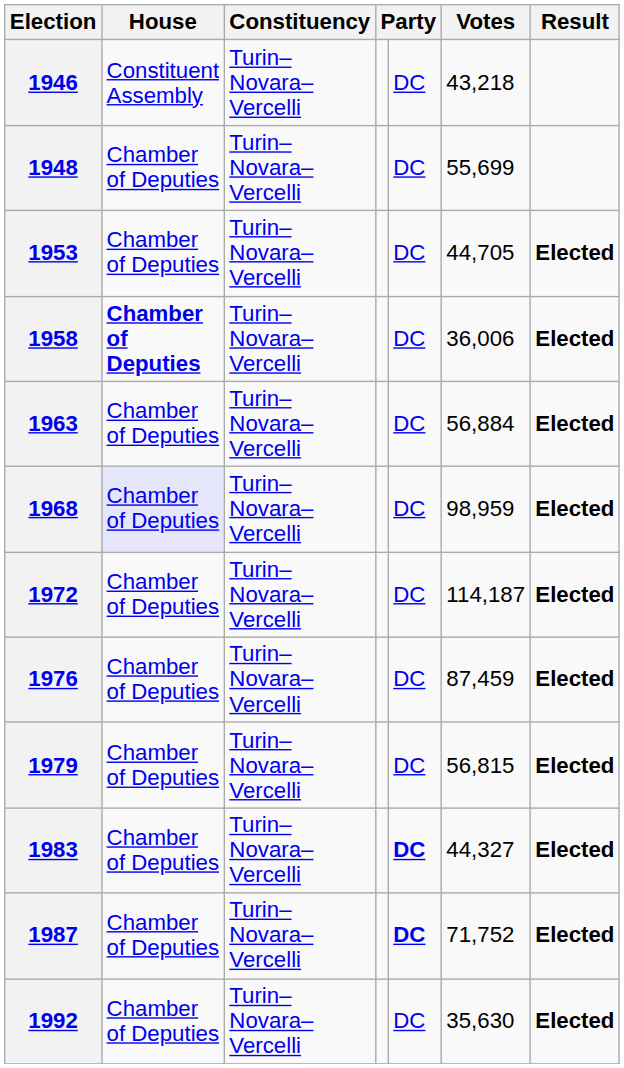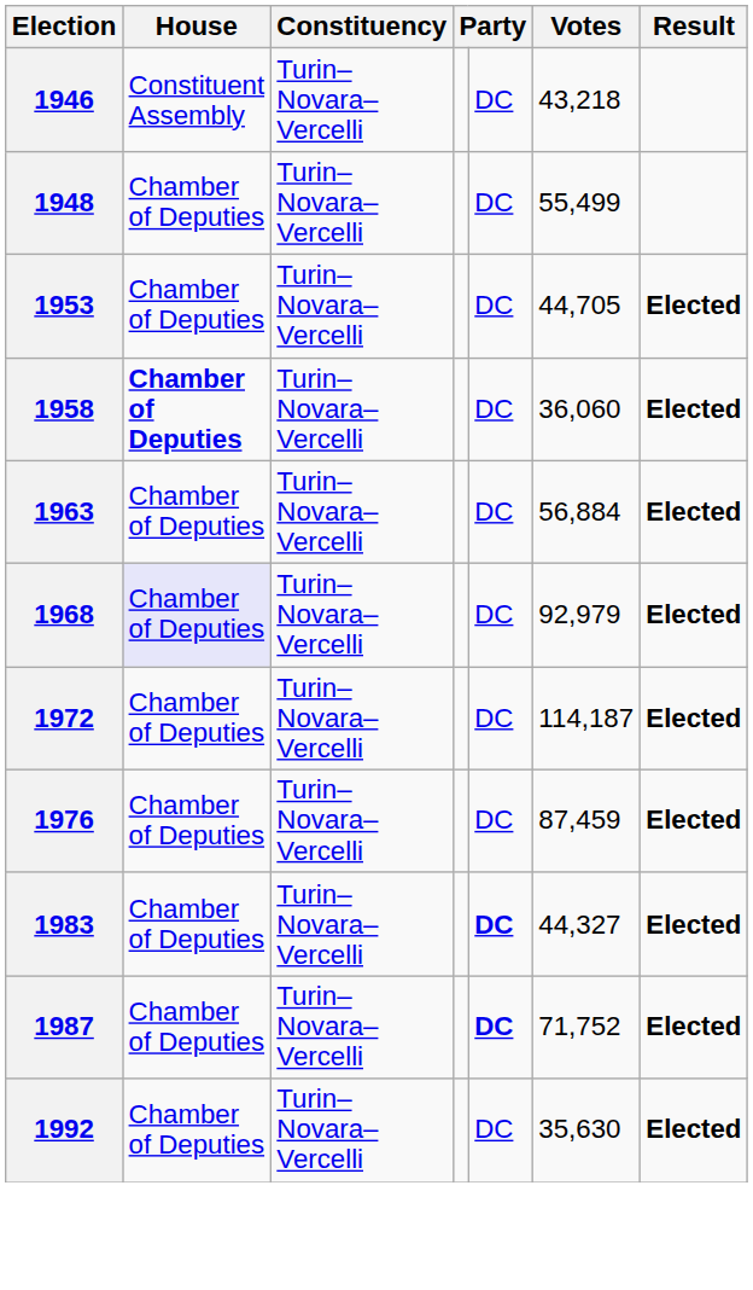 <table class=wikitable style="width:60%; border:1px #AAAAFF solid">
 <tr>
 <th width=12%>Election</th>
 <th width=30%>House</th>
 <th width=40%>Constituency</th>
 <th width=5% colspan="2">Party</th>
 <th width=12%>Votes</th>
 <th width=12%>Result</th>
 </tr>
 <tr>
 <th><a href='#'>1946</a></th>
 <td><a href='#'>Constituent Assembly</a></td>
 <td><a href='#'>Turin–Novara–Vercelli</a></td>
 <td></td>
 <td><a href='#'>DC</a></td>
 <td>43,218</td>
 <td></td>
 </tr>
 <tr>
 <th><a href='#'>1948</a></th>
 <td><a href='#'>Chamber of Deputies</a></td>
 <td><a href='#'>Turin–Novara–Vercelli</a></td>
 <td></td>
 <td><a href='#'>DC</a></td>
-<td>55,699</td>
+<td>55,499</td>
 <td></td>
 </tr>
 <tr>
 <th><a href='#'>1953</a></th>
 <td><a href='#'>Chamber of Deputies</a></td>
 <td><a href='#'>Turin–Novara–Vercelli</a></td>
 <td></td>
 <td><a href='#'>DC</a></td>
 <td>44,705</td>
 <td> <strong>Elected</strong></td>
 </tr>
 <tr>
 <th><a href='#'>1958</a></th>
 <td><strong><a href='#'>Chamber of Deputies</a></strong></td>
 <td><a href='#'>Turin–Novara–Vercelli</a></td>
 <td></td>
 <td><a href='#'>DC</a></td>
-<td>36,006</td>
+<td>36,060</td>
 <td> <strong>Elected</strong></td>
 </tr>
 <tr>
 <th><a href='#'>1963</a></th>
 <td><a href='#'>Chamber of Deputies</a></td>
 <td><a href='#'>Turin–Novara–Vercelli</a></td>
 <td></td>
 <td><a href='#'>DC</a></td>
 <td>56,884</td>
 <td> <strong>Elected</strong></td>
 </tr>
 <tr>
 <th><a href='#'>1968</a></th>
 <td style="background: lavender;"><a href='#'>Chamber of Deputies</a></td>
 <td><a href='#'>Turin–Novara–Vercelli</a></td>
 <td></td>
 <td><a href='#'>DC</a></td>
-<td>98,959</td>
+<td>92,979</td>
 <td> <strong>Elected</strong></td>
 </tr>
 <tr>
 <th><a href='#'>1972</a></th>
 <td><a href='#'>Chamber of Deputies</a></td>
 <td><a href='#'>Turin–Novara–Vercelli</a></td>
 <td></td>
 <td><a href='#'>DC</a></td>
 <td>114,187</td>
 <td> <strong>Elected</strong></td>
 </tr>
 <tr>
 <th><a href='#'>1976</a></th>
 <td><a href='#'>Chamber of Deputies</a></td>
 <td><a href='#'>Turin–Novara–Vercelli</a></td>
 <td></td>
 <td><a href='#'>DC</a></td>
 <td>87,459</td>
-<td> <strong>Elected</strong></td>
-</tr>
-<tr>
-<th><a href='#'>1979</a></th>
-<td><a href='#'>Chamber of Deputies</a></td>
-<td><a href='#'>Turin–Novara–Vercelli</a></td>
-<td></td>
-<td><a href='#'>DC</a></td>
-<td>56,815</td>
 <td> <strong>Elected</strong></td>
 </tr>
 <tr>
 <th><a href='#'>1983</a></th>
 <td><a href='#'>Chamber of Deputies</a></td>
 <td><a href='#'>Turin–Novara–Vercelli</a></td>
 <td></td>
 <td><strong><a href='#'>DC</a></strong></td>
 <td>44,327</td>
 <td> <strong>Elected</strong></td>
 </tr>
 <tr>
 <th><a href='#'>1987</a></th>
 <td><a href='#'>Chamber of Deputies</a></td>
 <td><a href='#'>Turin–Novara–Vercelli</a></td>
 <td></td>
 <td><strong><a href='#'>DC</a></strong></td>
 <td>71,752</td>
 <td> <strong>Elected</strong></td>
 </tr>
 <tr>
 <th><a href='#'>1992</a></th>
 <td><a href='#'>Chamber of Deputies</a></td>
 <td><a href='#'>Turin–Novara–Vercelli</a></td>
 <td></td>
 <td><a href='#'>DC</a></td>
 <td>35,630</td>
 <td> <strong>Elected</strong></td>
 </tr>
 </table>
